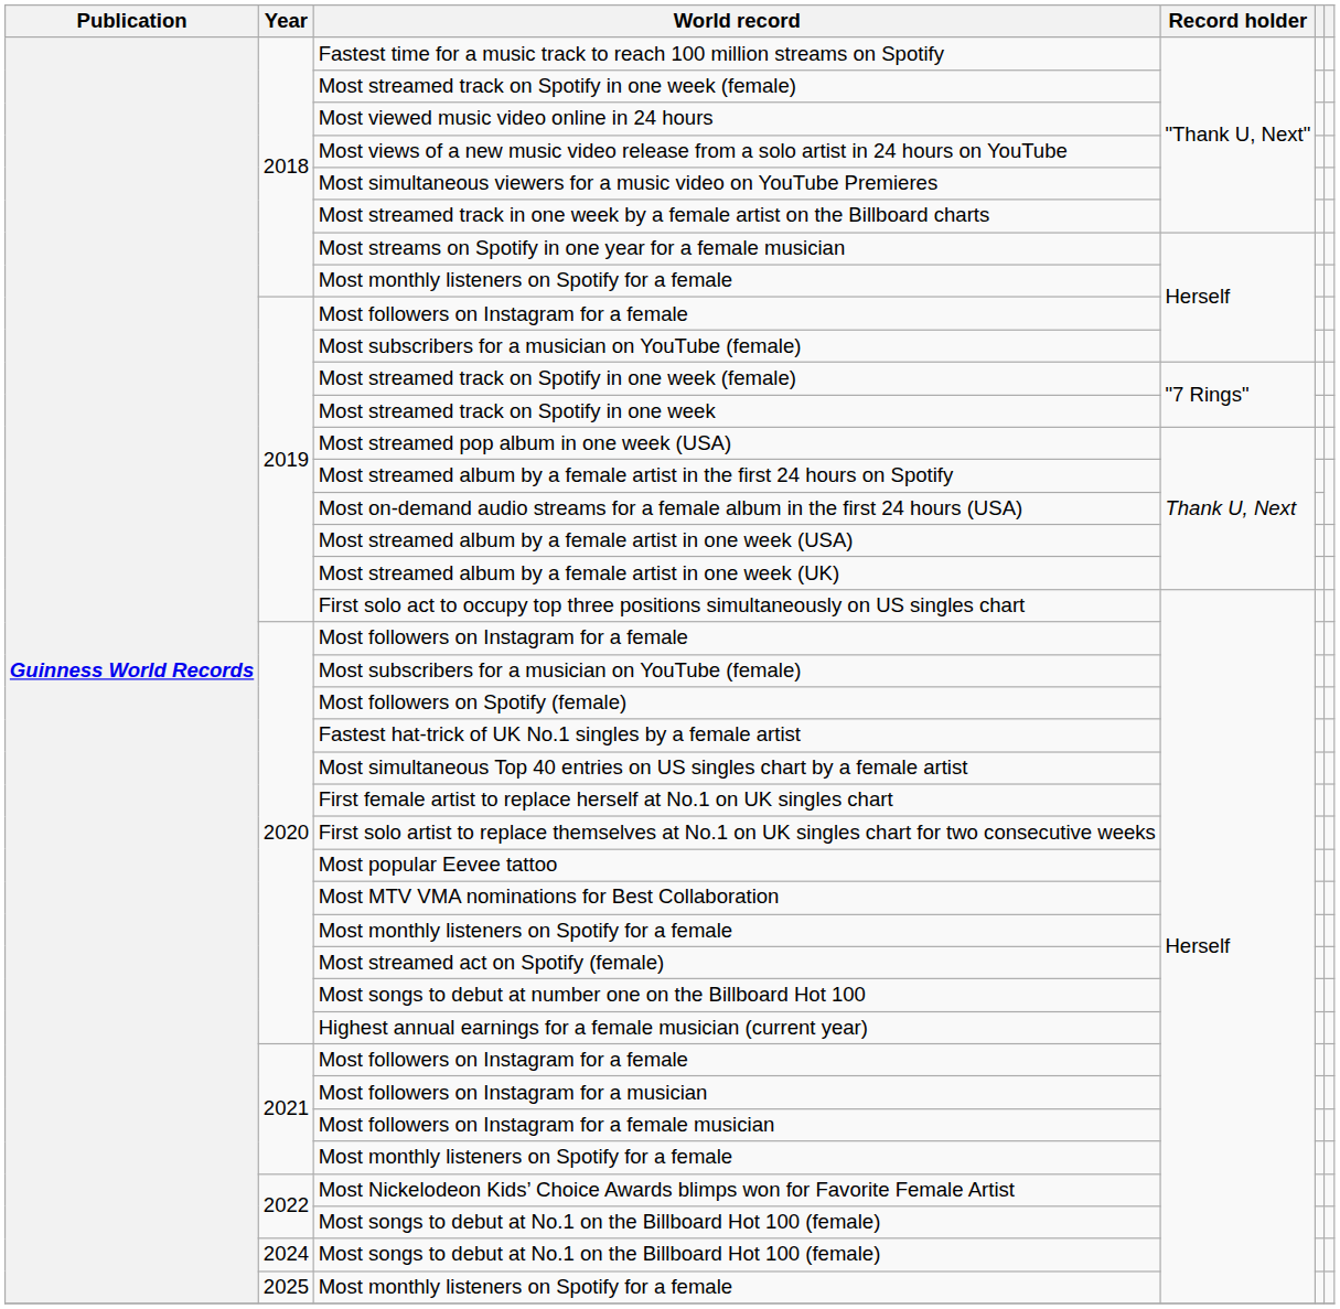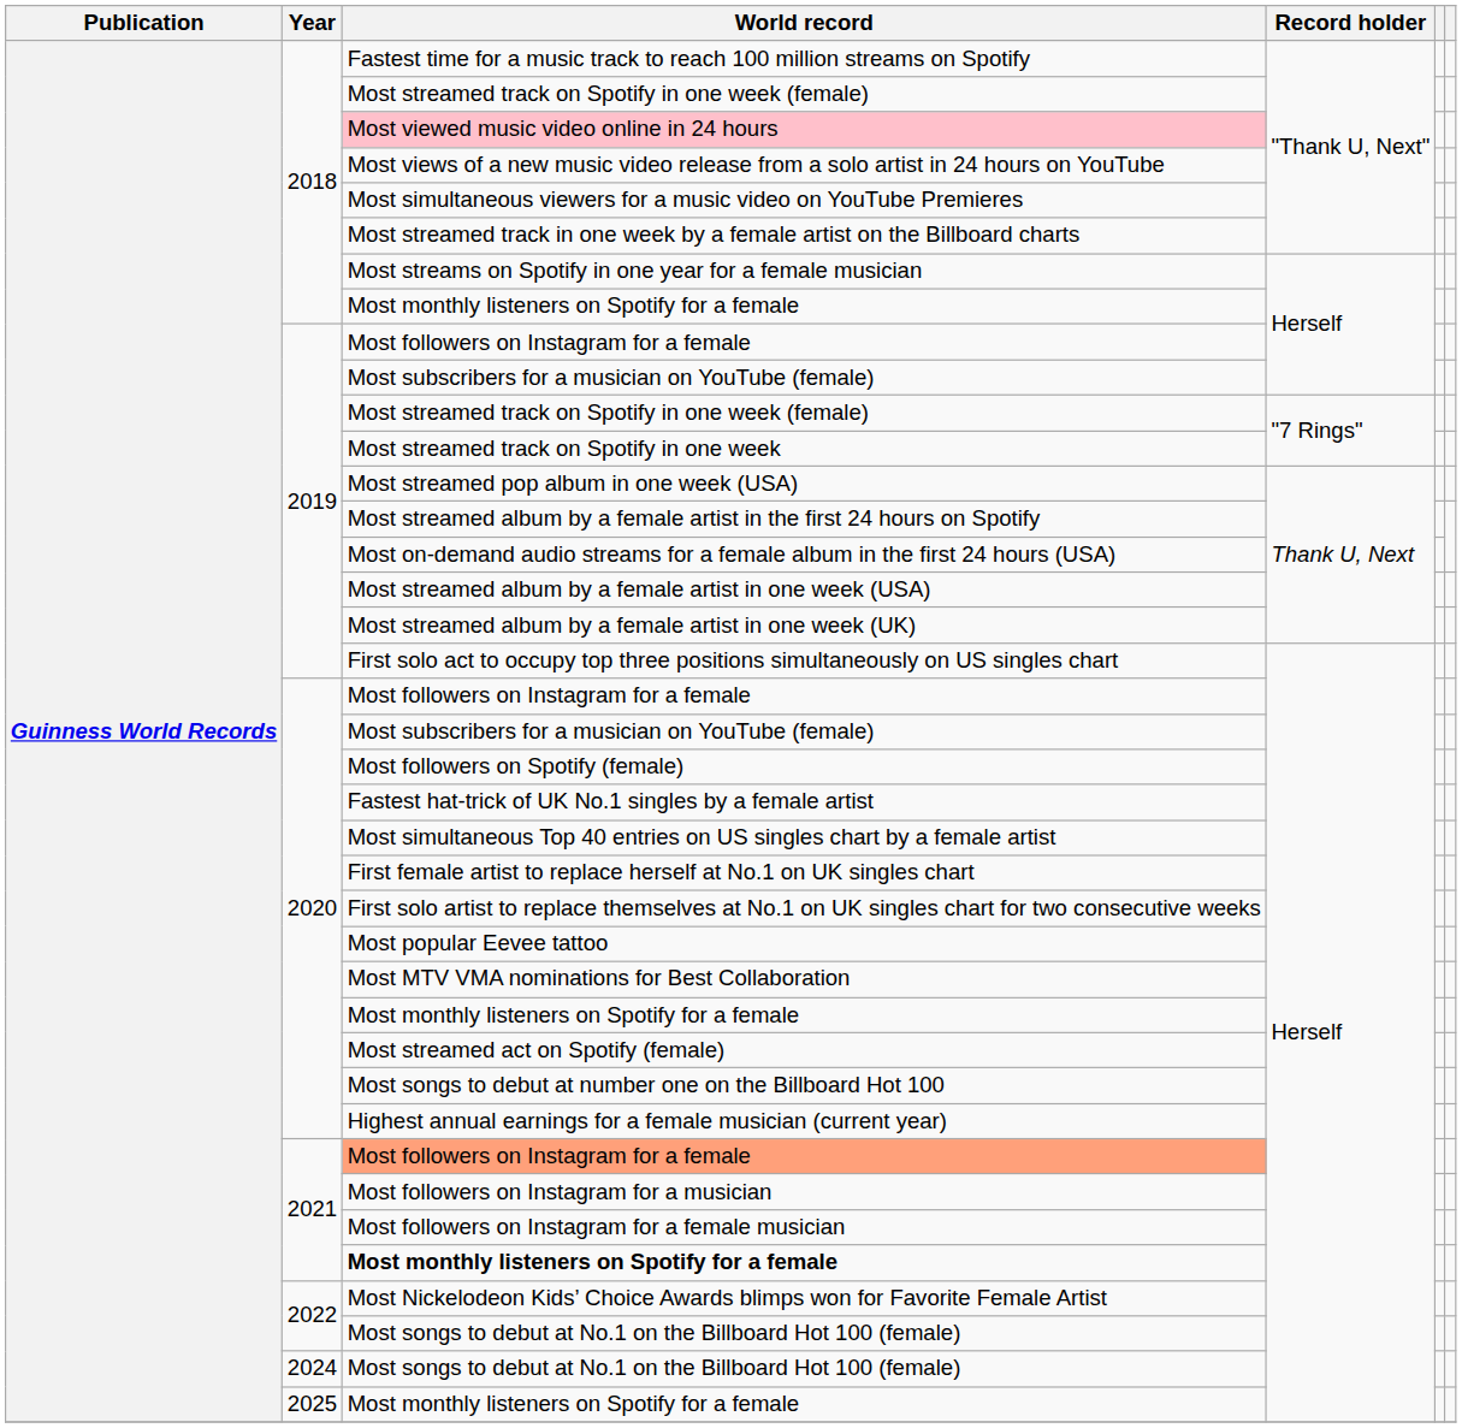 <table class="wikitable sortable plainrowheaders">
 <tr style="background:#ccc; text-align:center;">
 <th scope="col">Publication</th>
 <th scope="col">Year</th>
 <th scope="col">World record</th>
 <th scope="col">Record holder</th>
 <th scope="col"></th>
 <th scope="col" class="unsortable"></th>
 </tr>
 <tr>
 <th scope="row" rowspan="39"><em><a href='#'>Guinness World Records</a></em></th>
 <td rowspan="8" style="text-align:center";>2018</td>
 <td>Fastest time for a music track to reach 100 million streams on Spotify</td>
 <td rowspan="6">"Thank U, Next"</td>
 <td></td>
 <td style="text-align:center;"></td>
 </tr>
 <tr>
 <td>Most streamed track on Spotify in one week (female)</td>
 <td></td>
 <td style="text-align:center;"></td>
 </tr>
 <tr>
-<td>Most viewed music video online in 24 hours</td>
+<td style="background: pink;">Most viewed music video online in 24 hours</td>
 <td></td>
 <td style="text-align:center;"></td>
 </tr>
 <tr>
 <td>Most views of a new music video release from a solo artist in 24 hours on YouTube</td>
 <td></td>
 <td style="text-align:center;"></td>
 </tr>
 <tr>
 <td>Most simultaneous viewers for a music video on YouTube Premieres</td>
 <td></td>
 <td style="text-align:center;"></td>
 </tr>
 <tr>
 <td>Most streamed track in one week by a female artist on the Billboard charts</td>
 <td></td>
 <td style="text-align:center;"></td>
 </tr>
 <tr>
 <td>Most streams on Spotify in one year for a female musician</td>
 <td rowspan="4">Herself</td>
 <td></td>
 <td style="text-align:center;"></td>
 </tr>
 <tr>
 <td>Most monthly listeners on Spotify for a female</td>
 <td></td>
 <td style="text-align:center;"></td>
 </tr>
 <tr>
 <td rowspan="10" style="text-align:center";>2019</td>
 <td>Most followers on Instagram for a female</td>
 <td></td>
 <td style="text-align:center;"></td>
 </tr>
 <tr>
 <td>Most subscribers for a musician on YouTube (female)</td>
 <td></td>
 <td style="text-align:center;"></td>
 </tr>
 <tr>
 <td>Most streamed track on Spotify in one week (female)</td>
 <td rowspan="2">"7 Rings"</td>
 <td></td>
 <td style="text-align:center;"></td>
 </tr>
 <tr>
 <td>Most streamed track on Spotify in one week</td>
 <td></td>
 <td style="text-align:center;"></td>
 </tr>
 <tr>
 <td>Most streamed pop album in one week (USA)</td>
 <td rowspan="5"><em>Thank U, Next</em></td>
 <td></td>
 <td style="text-align:center;"></td>
 </tr>
 <tr>
 <td>Most streamed album by a female artist in the first 24 hours on Spotify</td>
 <td></td>
 <td rowspan="2" style="text-align:center";></td>
 </tr>
 <tr>
 <td>Most on-demand audio streams for a female album in the first 24 hours (USA)</td>
 <td></td>
 </tr>
 <tr>
 <td>Most streamed album by a female artist in one week (USA)</td>
 <td></td>
 <td style="text-align:center;"></td>
 </tr>
 <tr>
 <td>Most streamed album by a female artist in one week (UK)</td>
 <td></td>
 <td style="text-align:center;"></td>
 </tr>
 <tr>
 <td>First solo act to occupy top three positions simultaneously on US singles chart</td>
 <td rowspan="22">Herself</td>
 <td></td>
 <td style="text-align:center;"></td>
 </tr>
 <tr>
 <td rowspan="13" style="text-align:center";>2020</td>
 <td>Most followers on Instagram for a female</td>
 <td></td>
 <td style="text-align:center;"></td>
 </tr>
 <tr>
 <td>Most subscribers for a musician on YouTube (female)</td>
 <td></td>
 <td style="text-align:center;"></td>
 </tr>
 <tr>
 <td>Most followers on Spotify (female)</td>
 <td></td>
 <td style="text-align:center;"></td>
 </tr>
 <tr>
 <td>Fastest hat-trick of UK No.1 singles by a female artist</td>
 <td></td>
 <td style="text-align:center;"></td>
 </tr>
 <tr>
 <td>Most simultaneous Top 40 entries on US singles chart by a female artist</td>
 <td></td>
 <td style="text-align:center;"></td>
 </tr>
 <tr>
 <td>First female artist to replace herself at No.1 on UK singles chart</td>
 <td></td>
 <td style="text-align:center;"></td>
 </tr>
 <tr>
 <td>First solo artist to replace themselves at No.1 on UK singles chart for two consecutive weeks</td>
 <td></td>
 <td style="text-align:center;"></td>
 </tr>
 <tr>
 <td>Most popular Eevee tattoo</td>
 <td></td>
 <td style="text-align:center;"></td>
 </tr>
 <tr>
 <td>Most MTV VMA nominations for Best Collaboration</td>
 <td></td>
 <td style="text-align:center;"></td>
 </tr>
 <tr>
 <td>Most monthly listeners on Spotify for a female</td>
 <td></td>
 <td style="text-align:center;"></td>
 </tr>
 <tr>
 <td>Most streamed act on Spotify (female)</td>
 <td></td>
 <td style="text-align:center;"></td>
 </tr>
 <tr>
 <td>Most songs to debut at number one on the Billboard Hot 100</td>
 <td></td>
 <td style="text-align:center;"></td>
 </tr>
 <tr>
 <td>Highest annual earnings for a female musician (current year)</td>
 <td></td>
 <td style="text-align:center;"></td>
 </tr>
 <tr>
 <td rowspan="4" style="text-align:center;">2021</td>
-<td>Most followers on Instagram for a female</td>
+<td style="background: lightsalmon;">Most followers on Instagram for a female</td>
 <td></td>
 <td style="text-align:center;"></td>
 </tr>
 <tr>
 <td>Most followers on Instagram for a musician</td>
 <td></td>
 <td style="text-align:center;"></td>
 </tr>
 <tr>
 <td>Most followers on Instagram for a female musician</td>
 <td></td>
 <td style="text-align:center;"></td>
 </tr>
 <tr>
-<td>Most monthly listeners on Spotify for a female</td>
+<td><strong>Most monthly listeners on Spotify for a female</strong></td>
 <td></td>
 <td style="text-align:center;"></td>
 </tr>
 <tr>
 <td rowspan="2" style="text-align:center;">2022</td>
 <td>Most Nickelodeon Kids’ Choice Awards blimps won for Favorite Female Artist</td>
 <td></td>
 <td style="text-align:center;"></td>
 </tr>
 <tr>
 <td>Most songs to debut at No.1 on the Billboard Hot 100 (female)</td>
 <td></td>
 <td style="text-align:center;"></td>
 </tr>
 <tr>
 <td rowspan="1" style="text-align:center;">2024</td>
 <td>Most songs to debut at No.1 on the Billboard Hot 100 (female)</td>
 <td></td>
 <td style="text-align:center;"></td>
 </tr>
 <tr>
 <td rowspan="1" style="text-align:center;">2025</td>
 <td>Most monthly listeners on Spotify for a female</td>
 <td></td>
 <td style="text-align:center;"></td>
 </tr>
 <tr>
 </tr>
 </table>
